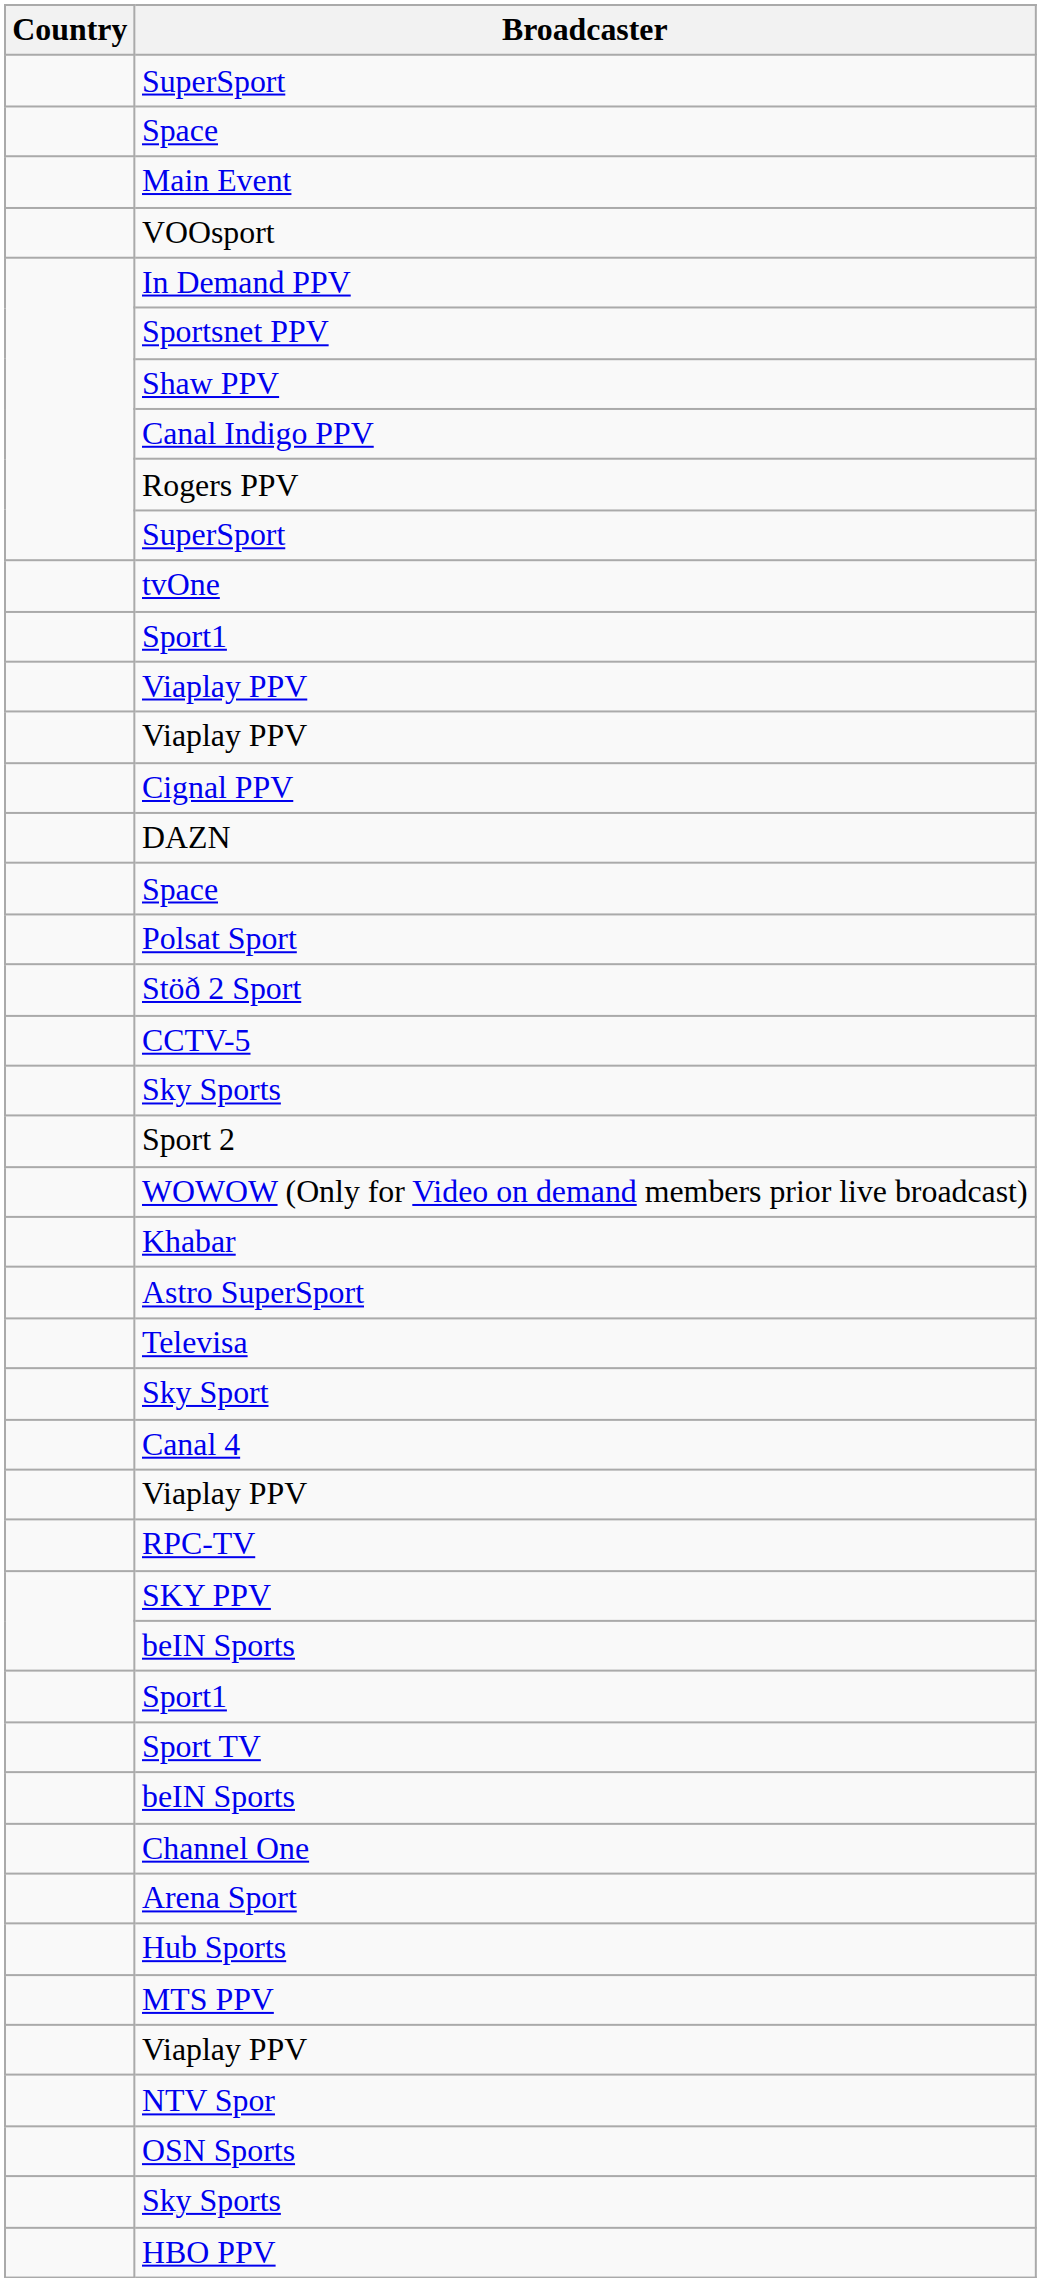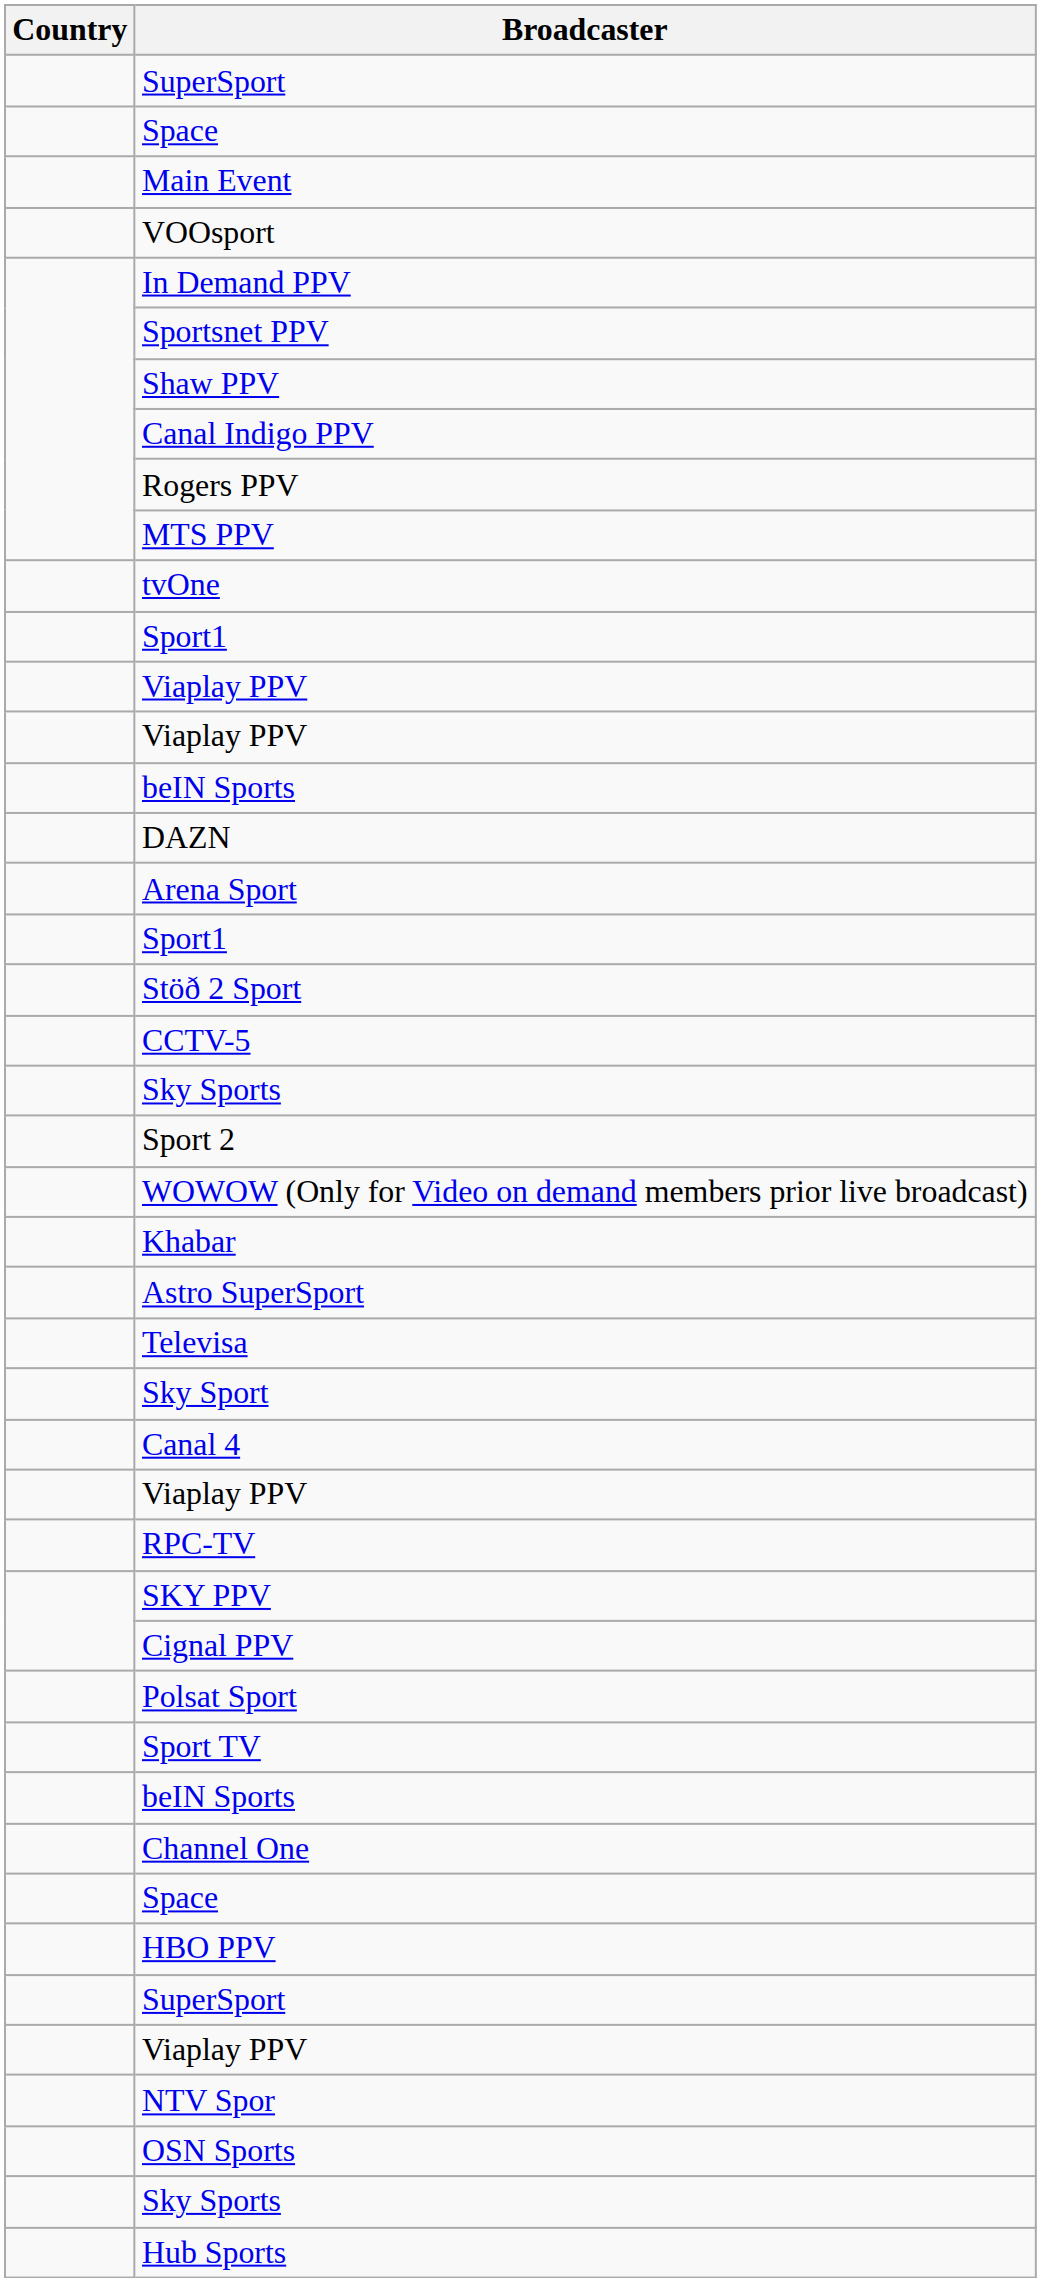 <table class="wikitable sortable">
 <tr>
 <th align=center>Country</th>
 <th align=center>Broadcaster</th>
 </tr>
 <tr>
 <td></td>
 <td><a href='#'>SuperSport</a></td>
 </tr>
 <tr>
 <td></td>
 <td><a href='#'>Space</a></td>
 </tr>
 <tr>
 <td></td>
 <td><a href='#'>Main Event</a></td>
 </tr>
 <tr>
 <td></td>
 <td>VOOsport</td>
 </tr>
 <tr>
 <td rowspan="6" style="text-align:left;"></td>
 <td><a href='#'>In Demand PPV</a></td>
 </tr>
 <tr>
 <td><a href='#'>Sportsnet PPV</a></td>
 </tr>
 <tr>
 <td><a href='#'>Shaw PPV</a></td>
 </tr>
 <tr>
 <td><a href='#'>Canal Indigo PPV</a></td>
 </tr>
 <tr>
 <td>Rogers PPV</td>
 </tr>
 <tr>
-<td><a href='#'>SuperSport</a></td>
+<td><a href='#'>MTS PPV</a></td>
 </tr>
 <tr>
 <td></td>
 <td><a href='#'>tvOne</a></td>
 </tr>
 <tr>
 <td></td>
 <td><a href='#'>Sport1</a></td>
 </tr>
 <tr>
 <td></td>
 <td><a href='#'>Viaplay PPV</a></td>
 </tr>
 <tr>
 <td></td>
 <td>Viaplay PPV</td>
 </tr>
 <tr>
 <td></td>
-<td><a href='#'>Cignal PPV</a></td>
+<td><a href='#'>beIN Sports</a></td>
 </tr>
 <tr>
 <td></td>
 <td>DAZN</td>
 </tr>
 <tr>
 <td></td>
-<td><a href='#'>Space</a></td>
+<td><a href='#'>Arena Sport</a></td>
 </tr>
 <tr>
 <td></td>
-<td><a href='#'>Polsat Sport</a></td>
+<td><a href='#'>Sport1</a></td>
 </tr>
 <tr>
 <td></td>
 <td><a href='#'>Stöð 2 Sport</a></td>
 </tr>
 <tr>
 <td></td>
 <td><a href='#'>CCTV-5</a></td>
 </tr>
 <tr>
 <td></td>
 <td><a href='#'>Sky Sports</a></td>
 </tr>
 <tr>
 <td></td>
 <td>Sport 2</td>
 </tr>
 <tr>
 <td></td>
 <td><a href='#'>WOWOW</a> (Only for <a href='#'>Video on demand</a> members prior live broadcast)</td>
 </tr>
 <tr>
 <td></td>
 <td><a href='#'>Khabar</a></td>
 </tr>
 <tr>
 <td></td>
 <td><a href='#'>Astro SuperSport</a></td>
 </tr>
 <tr>
 <td></td>
 <td><a href='#'>Televisa</a></td>
 </tr>
 <tr>
 <td></td>
 <td><a href='#'>Sky Sport</a></td>
 </tr>
 <tr>
 <td></td>
 <td><a href='#'>Canal 4</a></td>
 </tr>
 <tr>
 <td></td>
 <td>Viaplay PPV</td>
 </tr>
 <tr>
 <td></td>
 <td><a href='#'>RPC-TV</a></td>
 </tr>
 <tr>
 <td style="text-align:left;" rowspan="2"></td>
 <td><a href='#'>SKY PPV</a></td>
 </tr>
 <tr>
-<td><a href='#'>beIN Sports</a></td>
+<td><a href='#'>Cignal PPV</a></td>
 </tr>
 <tr>
 <td></td>
-<td><a href='#'>Sport1</a></td>
+<td><a href='#'>Polsat Sport</a></td>
 </tr>
 <tr>
 <td></td>
 <td><a href='#'>Sport TV</a></td>
 </tr>
 <tr>
 <td></td>
 <td><a href='#'>beIN Sports</a></td>
 </tr>
 <tr>
 <td></td>
 <td><a href='#'>Channel One</a></td>
 </tr>
 <tr>
 <td></td>
-<td><a href='#'>Arena Sport</a></td>
+<td><a href='#'>Space</a></td>
 </tr>
 <tr>
 <td></td>
-<td><a href='#'>Hub Sports</a></td>
+<td><a href='#'>HBO PPV</a></td>
 </tr>
 <tr>
 <td></td>
-<td><a href='#'>MTS PPV</a></td>
+<td><a href='#'>SuperSport</a></td>
 </tr>
 <tr>
 <td></td>
 <td>Viaplay PPV</td>
 </tr>
 <tr>
 <td></td>
 <td><a href='#'>NTV Spor</a></td>
 </tr>
 <tr>
 <td></td>
 <td><a href='#'>OSN Sports</a></td>
 </tr>
 <tr>
 <td></td>
 <td><a href='#'>Sky Sports</a></td>
 </tr>
 <tr>
 <td></td>
-<td><a href='#'>HBO PPV</a></td>
+<td><a href='#'>Hub Sports</a></td>
 </tr>
 </table>
